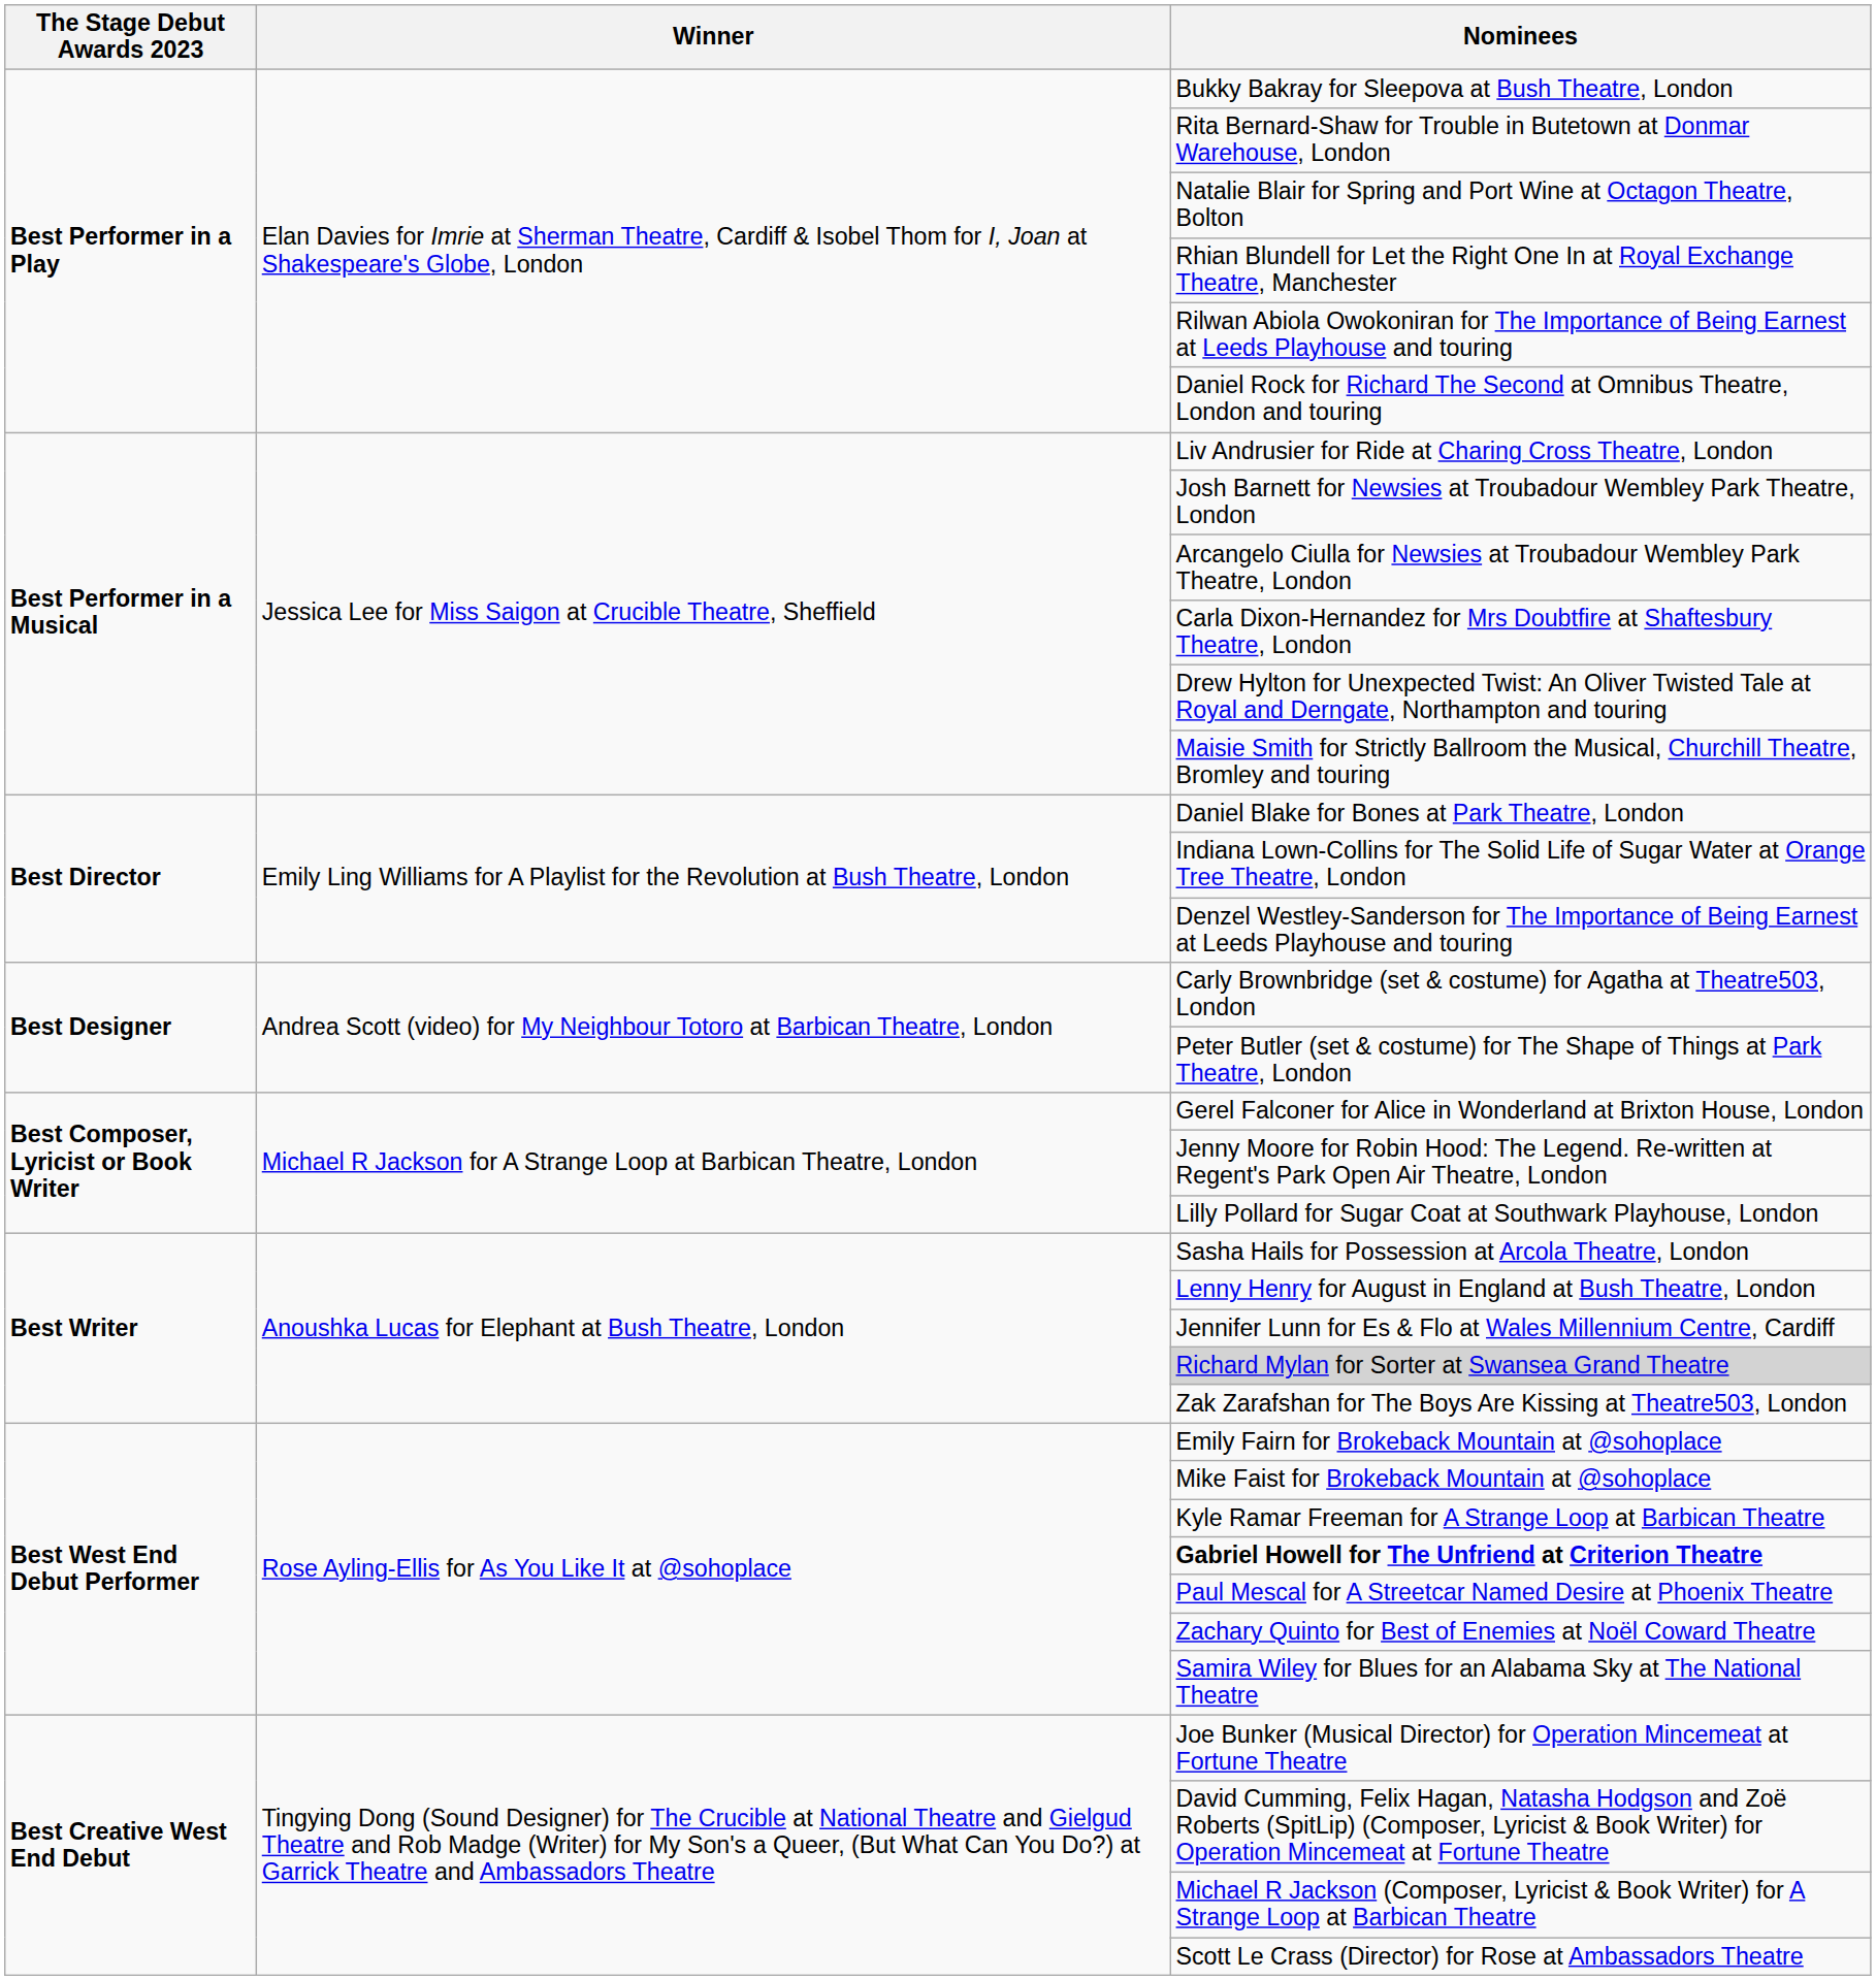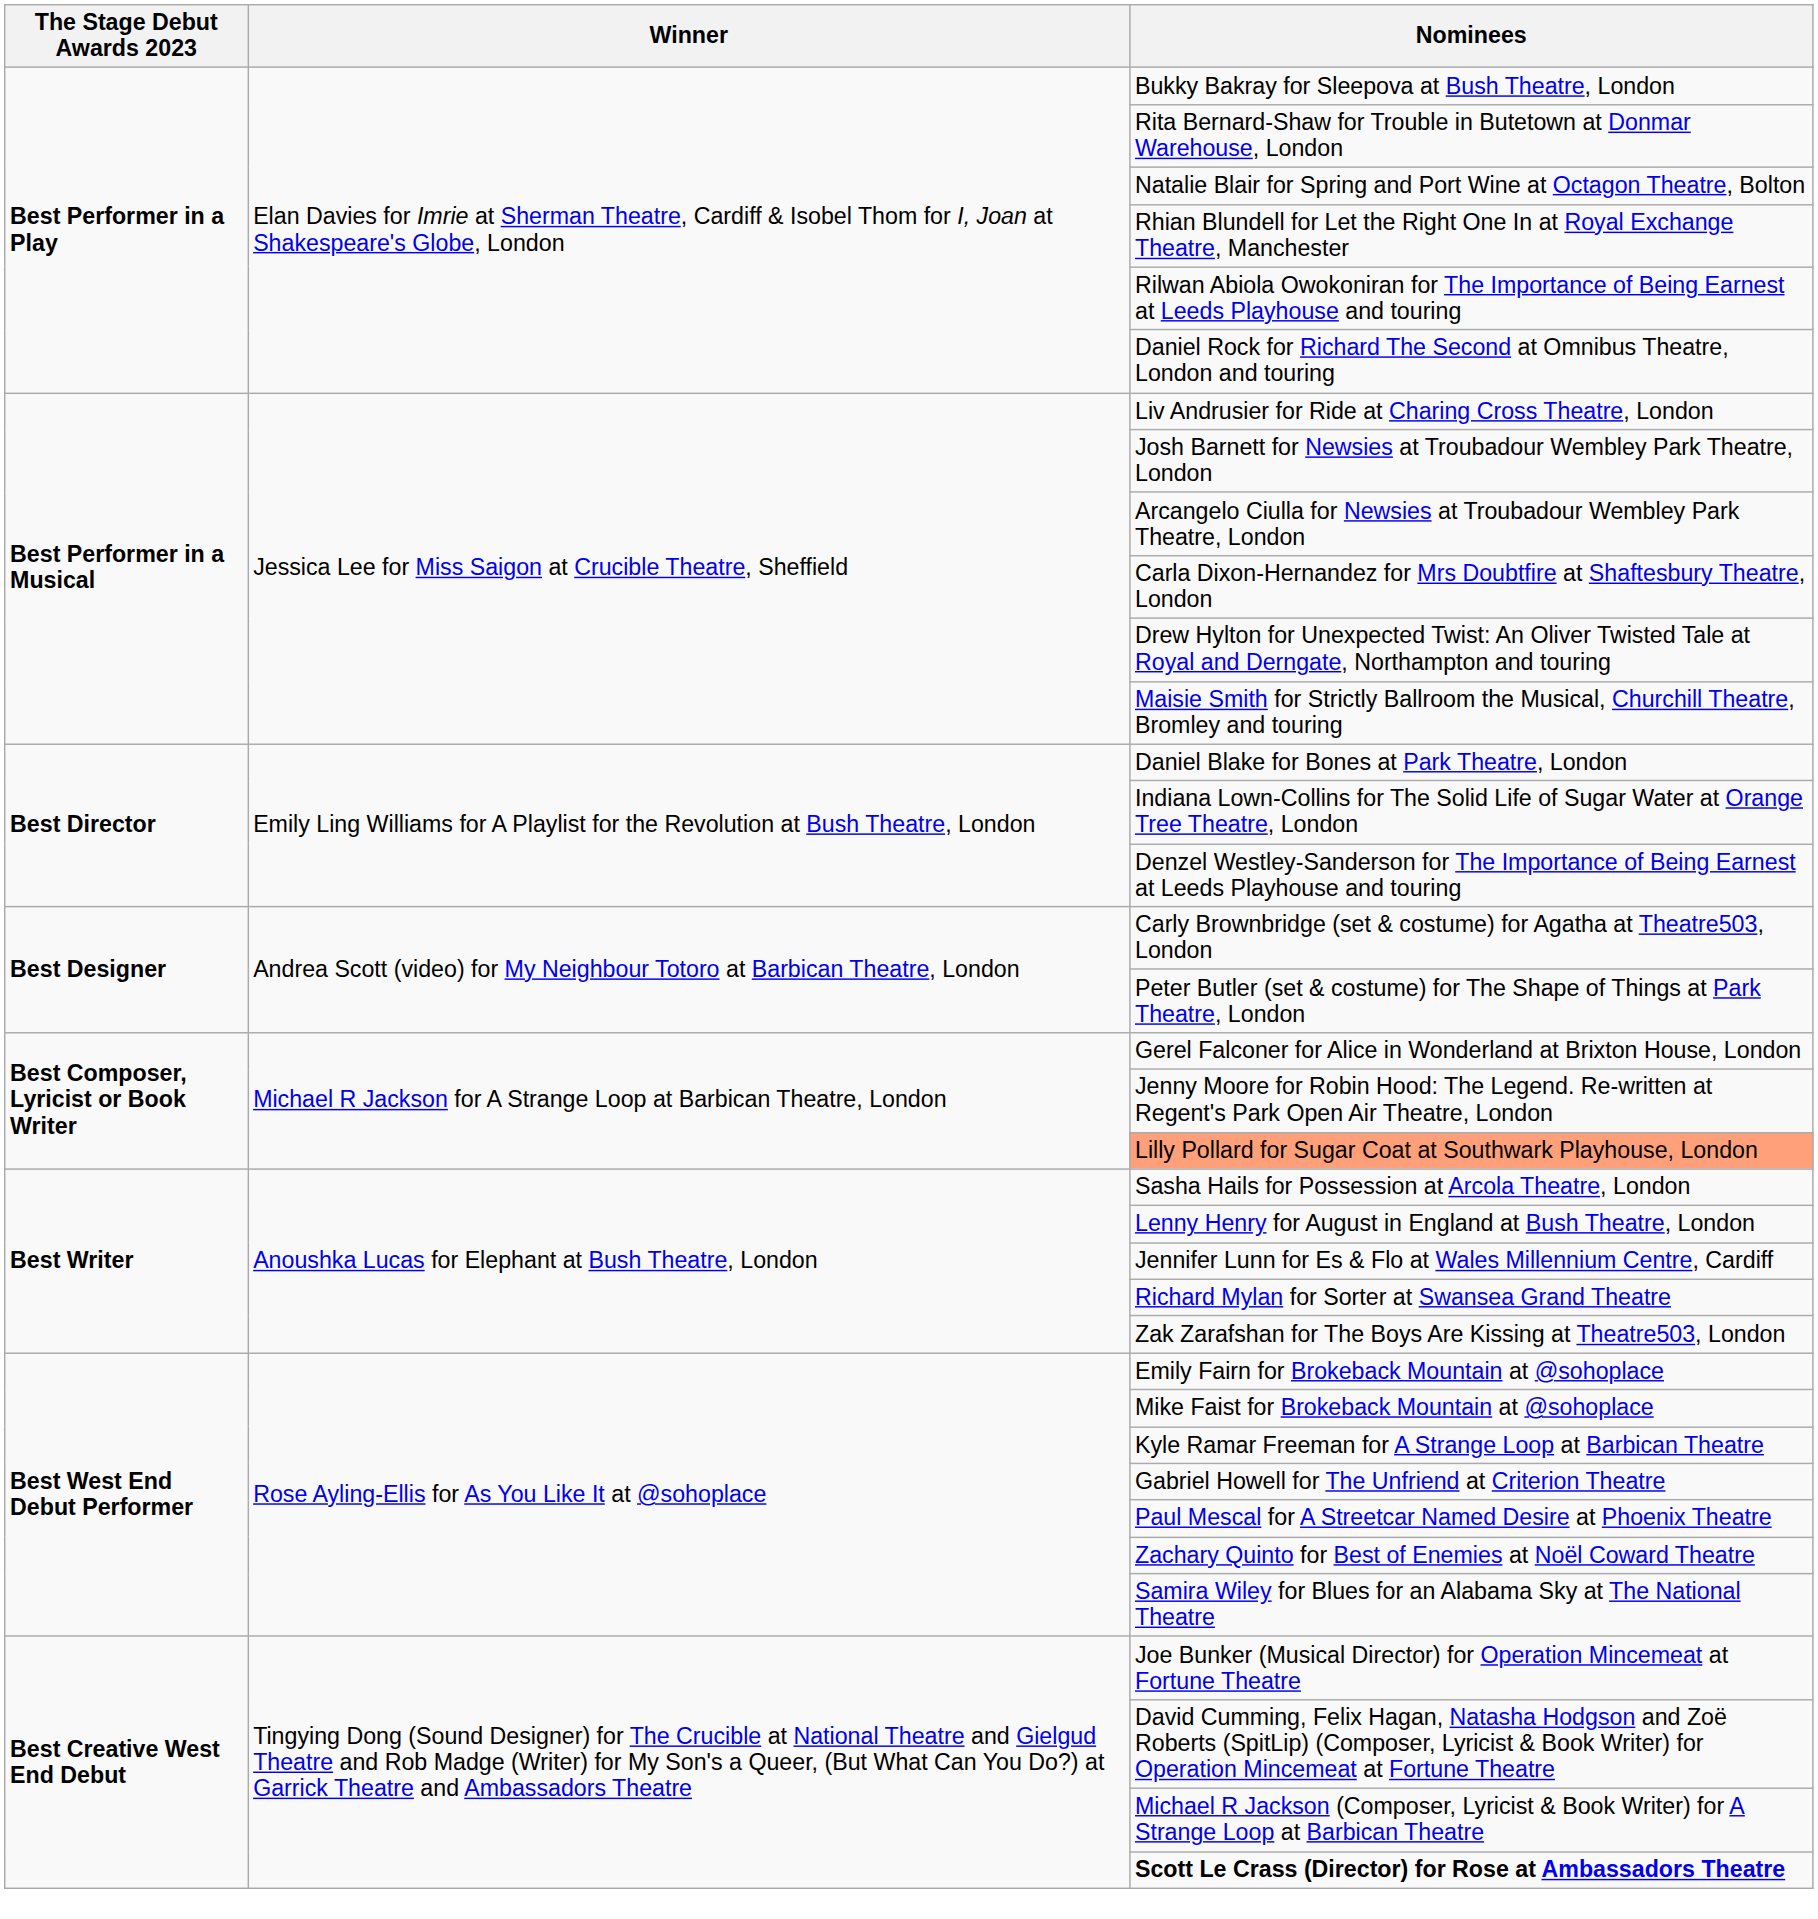 <table class="wikitable">
 <tr>
 <th>The Stage Debut Awards 2023</th>
 <th>Winner</th>
 <th>Nominees</th>
 </tr>
 <tr>
 <td rowspan="6"><strong>Best Performer in a Play</strong></td>
 <td rowspan="6">Elan Davies for <em>Imrie</em> at <a href='#'>Sherman Theatre</a>, Cardiff & Isobel Thom for <em>I, Joan</em> at <a href='#'>Shakespeare's Globe</a>, London</td>
 <td>Bukky Bakray for Sleepova at <a href='#'>Bush Theatre</a>, London</td>
 </tr>
 <tr>
 <td>Rita Bernard-Shaw for Trouble in Butetown at <a href='#'>Donmar Warehouse</a>, London</td>
 </tr>
 <tr>
 <td>Natalie Blair for Spring and Port Wine at <a href='#'>Octagon Theatre</a>, Bolton</td>
 </tr>
 <tr>
 <td>Rhian Blundell for Let the Right One In at <a href='#'>Royal Exchange Theatre</a>, Manchester</td>
 </tr>
 <tr>
 <td>Rilwan Abiola Owokoniran for <a href='#'>The Importance of Being Earnest</a> at <a href='#'>Leeds Playhouse</a> and touring</td>
 </tr>
 <tr>
 <td>Daniel Rock for <a href='#'>Richard The Second</a> at Omnibus Theatre, London and touring</td>
 </tr>
 <tr>
 <td rowspan="6"><strong>Best Performer in a Musical</strong></td>
 <td rowspan="6">Jessica Lee for <a href='#'>Miss Saigon</a> at <a href='#'>Crucible Theatre</a>, Sheffield</td>
 <td>Liv Andrusier for Ride at <a href='#'>Charing Cross Theatre</a>, London</td>
 </tr>
 <tr>
 <td>Josh Barnett for <a href='#'>Newsies</a> at Troubadour Wembley Park Theatre, London</td>
 </tr>
 <tr>
 <td>Arcangelo Ciulla for <a href='#'>Newsies</a> at Troubadour Wembley Park Theatre, London</td>
 </tr>
 <tr>
 <td>Carla Dixon-Hernandez for <a href='#'>Mrs Doubtfire</a> at <a href='#'>Shaftesbury Theatre</a>, London</td>
 </tr>
 <tr>
 <td>Drew Hylton for Unexpected Twist: An Oliver Twisted Tale at <a href='#'>Royal and Derngate</a>, Northampton and touring</td>
 </tr>
 <tr>
 <td><a href='#'>Maisie Smith</a> for Strictly Ballroom the Musical, <a href='#'>Churchill Theatre</a>, Bromley and touring</td>
 </tr>
 <tr>
 <td rowspan="3"><strong>Best Director</strong></td>
 <td rowspan="3">Emily Ling Williams for A Playlist for the Revolution at <a href='#'>Bush Theatre</a>, London</td>
 <td>Daniel Blake for Bones at <a href='#'>Park Theatre</a>, London</td>
 </tr>
 <tr>
 <td>Indiana Lown-Collins for The Solid Life of Sugar Water at <a href='#'>Orange Tree Theatre</a>, London</td>
 </tr>
 <tr>
 <td>Denzel Westley-Sanderson for <a href='#'>The Importance of Being Earnest</a> at Leeds Playhouse and touring</td>
 </tr>
 <tr>
 <td rowspan="2"><strong>Best Designer</strong></td>
 <td rowspan="2">Andrea Scott (video) for <a href='#'>My Neighbour Totoro</a> at <a href='#'>Barbican Theatre</a>, London</td>
 <td>Carly Brownbridge (set & costume) for Agatha at <a href='#'>Theatre503</a>, London</td>
 </tr>
 <tr>
 <td>Peter Butler (set & costume) for The Shape of Things at <a href='#'>Park Theatre</a>, London</td>
 </tr>
 <tr>
 <td rowspan="3"><strong>Best Composer, Lyricist or Book Writer</strong></td>
 <td rowspan="3"><a href='#'>Michael R Jackson</a> for A Strange Loop at Barbican Theatre, London</td>
 <td>Gerel Falconer for Alice in Wonderland at Brixton House, London</td>
 </tr>
 <tr>
 <td>Jenny Moore for Robin Hood: The Legend. Re-written at Regent's Park Open Air Theatre, London</td>
 </tr>
 <tr>
-<td>Lilly Pollard for Sugar Coat at Southwark Playhouse, London</td>
+<td style="background: lightsalmon;">Lilly Pollard for Sugar Coat at Southwark Playhouse, London</td>
 </tr>
 <tr>
 <td rowspan="5"><strong>Best Writer</strong></td>
 <td rowspan="5"><a href='#'>Anoushka Lucas</a> for Elephant at <a href='#'>Bush Theatre</a>, London</td>
 <td>Sasha Hails for Possession at <a href='#'>Arcola Theatre</a>, London</td>
 </tr>
 <tr>
 <td><a href='#'>Lenny Henry</a> for August in England at <a href='#'>Bush Theatre</a>, London</td>
 </tr>
 <tr>
 <td>Jennifer Lunn for Es & Flo at <a href='#'>Wales Millennium Centre</a>, Cardiff</td>
 </tr>
 <tr>
-<td style="background: lightgrey;"><a href='#'>Richard Mylan</a> for Sorter at <a href='#'>Swansea Grand Theatre</a></td>
+<td><a href='#'>Richard Mylan</a> for Sorter at <a href='#'>Swansea Grand Theatre</a></td>
 </tr>
 <tr>
 <td>Zak Zarafshan for The Boys Are Kissing at <a href='#'>Theatre503</a>, London</td>
 </tr>
 <tr>
 <td rowspan="7"><strong>Best West End Debut Performer</strong></td>
 <td rowspan="7"><a href='#'>Rose Ayling-Ellis</a> for <a href='#'>As You Like It</a> at <a href='#'>@sohoplace</a></td>
 <td>Emily Fairn for <a href='#'>Brokeback Mountain</a> at <a href='#'>@sohoplace</a></td>
 </tr>
 <tr>
 <td>Mike Faist for <a href='#'>Brokeback Mountain</a> at <a href='#'>@sohoplace</a></td>
 </tr>
 <tr>
 <td>Kyle Ramar Freeman for <a href='#'>A Strange Loop</a> at <a href='#'>Barbican Theatre</a></td>
 </tr>
 <tr>
-<td><strong>Gabriel Howell for <a href='#'>The Unfriend</a> at <a href='#'>Criterion Theatre</a></strong></td>
+<td>Gabriel Howell for <a href='#'>The Unfriend</a> at <a href='#'>Criterion Theatre</a></td>
 </tr>
 <tr>
 <td><a href='#'>Paul Mescal</a> for <a href='#'>A Streetcar Named Desire</a> at <a href='#'>Phoenix Theatre</a></td>
 </tr>
 <tr>
 <td><a href='#'>Zachary Quinto</a> for <a href='#'>Best of Enemies</a> at <a href='#'>Noël Coward Theatre</a></td>
 </tr>
 <tr>
 <td><a href='#'>Samira Wiley</a> for Blues for an Alabama Sky at <a href='#'>The National Theatre</a></td>
 </tr>
 <tr>
 <td rowspan="4"><strong>Best Creative West End Debut</strong></td>
 <td rowspan="4">Tingying Dong (Sound Designer) for <a href='#'>The Crucible</a> at <a href='#'>National Theatre</a> and <a href='#'>Gielgud Theatre</a> and Rob Madge (Writer) for My Son's a Queer, (But What Can You Do?) at <a href='#'>Garrick Theatre</a> and <a href='#'>Ambassadors Theatre</a></td>
 <td>Joe Bunker (Musical Director) for <a href='#'>Operation Mincemeat</a> at <a href='#'>Fortune Theatre</a></td>
 </tr>
 <tr>
 <td>David Cumming, Felix Hagan, <a href='#'>Natasha Hodgson</a> and Zoë Roberts (SpitLip) (Composer, Lyricist & Book Writer) for <a href='#'>Operation Mincemeat</a> at <a href='#'>Fortune Theatre</a></td>
 </tr>
 <tr>
 <td><a href='#'>Michael R Jackson</a> (Composer, Lyricist & Book Writer) for <a href='#'>A Strange Loop</a> at <a href='#'>Barbican Theatre</a></td>
 </tr>
 <tr>
-<td>Scott Le Crass (Director) for Rose at <a href='#'>Ambassadors Theatre</a></td>
+<td><strong>Scott Le Crass (Director) for Rose at <a href='#'>Ambassadors Theatre</a></strong></td>
 </tr>
 </table>
